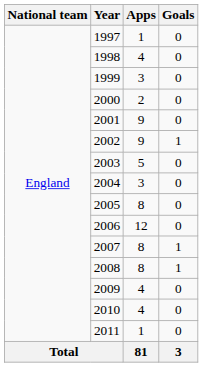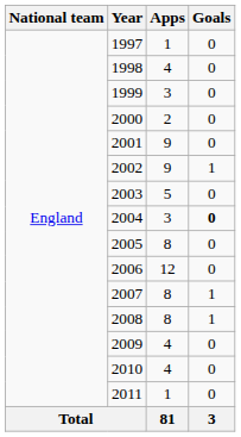 <table class="wikitable" style="text-align:center">
 <tr>
 <th>National team</th>
 <th>Year</th>
 <th>Apps</th>
 <th>Goals</th>
 </tr>
 <tr>
 <td rowspan="15"><a href='#'>England</a></td>
 <td>1997</td>
 <td>1</td>
 <td>0</td>
 </tr>
 <tr>
 <td>1998</td>
 <td>4</td>
 <td>0</td>
 </tr>
 <tr>
 <td>1999</td>
 <td>3</td>
 <td>0</td>
 </tr>
 <tr>
 <td>2000</td>
 <td>2</td>
 <td>0</td>
 </tr>
 <tr>
 <td>2001</td>
 <td>9</td>
 <td>0</td>
 </tr>
 <tr>
 <td>2002</td>
 <td>9</td>
 <td>1</td>
 </tr>
 <tr>
 <td>2003</td>
 <td>5</td>
 <td>0</td>
 </tr>
 <tr>
 <td>2004</td>
 <td>3</td>
-<td>0</td>
+<td><strong>0</strong></td>
 </tr>
 <tr>
 <td>2005</td>
 <td>8</td>
 <td>0</td>
 </tr>
 <tr>
 <td>2006</td>
 <td>12</td>
 <td>0</td>
 </tr>
 <tr>
 <td>2007</td>
 <td>8</td>
 <td>1</td>
 </tr>
 <tr>
 <td>2008</td>
 <td>8</td>
 <td>1</td>
 </tr>
 <tr>
 <td>2009</td>
 <td>4</td>
 <td>0</td>
 </tr>
 <tr>
 <td>2010</td>
 <td>4</td>
 <td>0</td>
 </tr>
 <tr>
 <td>2011</td>
 <td>1</td>
 <td>0</td>
 </tr>
 <tr>
 <th colspan="2">Total</th>
 <th>81</th>
 <th>3</th>
 </tr>
 </table>
